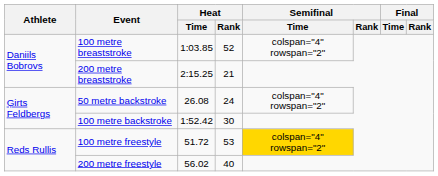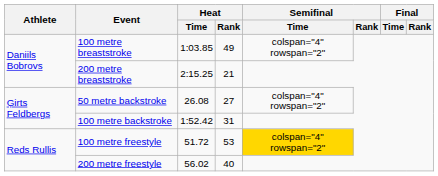 <table class="wikitable" style="text-align:center; font-size:90%; width:50%;">
 <tr>
 <th rowspan="2">Athlete</th>
 <th rowspan="2">Event</th>
 <th colspan="2">Heat</th>
 <th colspan="2">Semifinal</th>
 <th colspan="2">Final</th>
 </tr>
 <tr style="font-size:95%">
 <th>Time</th>
 <th>Rank</th>
 <th>Time</th>
 <th>Rank</th>
 <th>Time</th>
 <th>Rank</th>
 </tr>
 <tr align=center>
 <td align=left rowspan="2"><a href='#'>Daniils Bobrovs</a></td>
 <td align=left><a href='#'>100 metre breaststroke</a></td>
 <td>1:03.85</td>
-<td>52</td>
+<td>49</td>
 <td>colspan="4" rowspan="2" </td>
 </tr>
 <tr align=center>
 <td align=left><a href='#'>200 metre breaststroke</a></td>
 <td>2:15.25</td>
 <td>21</td>
 </tr>
 <tr align=center>
 <td align=left rowspan="2"><a href='#'>Ģirts Feldbergs</a></td>
 <td align=left><a href='#'>50 metre backstroke</a></td>
 <td>26.08</td>
-<td>24</td>
+<td>27</td>
 <td>colspan="4" rowspan="2" </td>
 </tr>
 <tr align=center>
 <td align=left><a href='#'>100 metre backstroke</a></td>
 <td>1:52.42</td>
-<td>30</td>
+<td>31</td>
 </tr>
 <tr align=center>
 <td align=left rowspan="2"><a href='#'>Reds Rullis</a></td>
 <td align=left><a href='#'>100 metre freestyle</a></td>
 <td>51.72</td>
 <td>53</td>
 <td style="background: gold;">colspan="4" rowspan="2" </td>
 </tr>
 <tr align=center>
 <td align=left><a href='#'>200 metre freestyle</a></td>
 <td>56.02</td>
 <td>40</td>
 </tr>
 </table>
